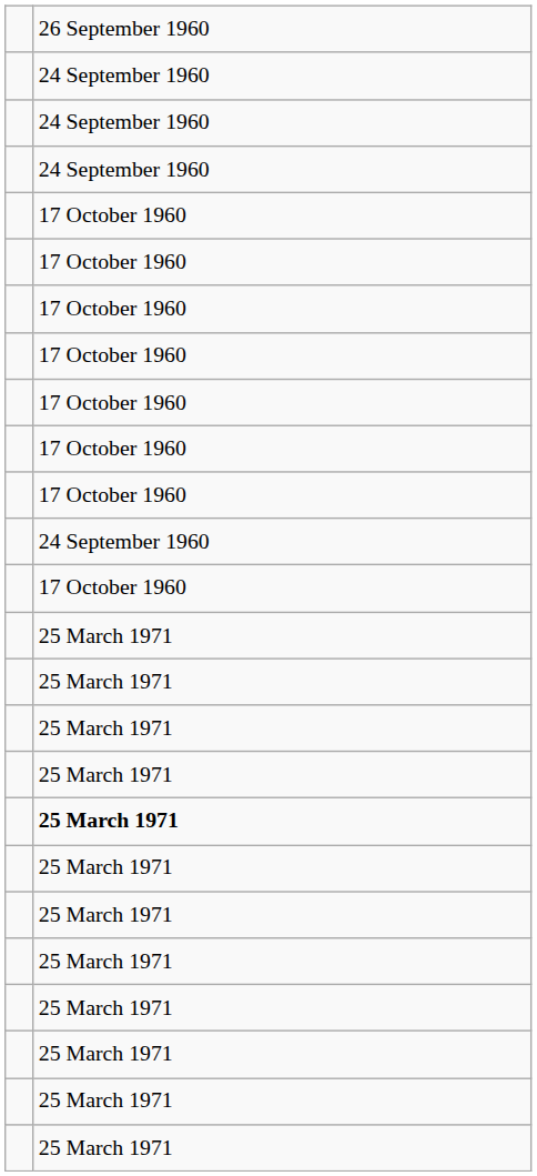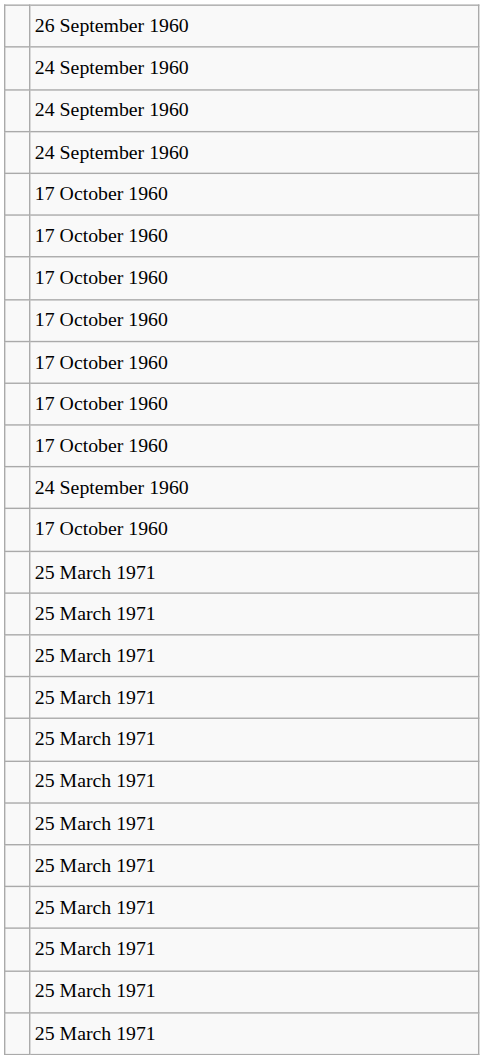 <table class="wikitable" style="font-size: 89%; float: left; width: 24em; margin-right: 1em; line-height: 1.65em">
 <tr>
 <td></td>
 <td>26 September 1960</td>
 </tr>
 <tr>
 <td></td>
 <td>24 September 1960</td>
 </tr>
 <tr>
 <td></td>
 <td>24 September 1960</td>
 </tr>
 <tr>
 <td></td>
 <td>24 September 1960</td>
 </tr>
 <tr>
 <td></td>
 <td>17 October 1960</td>
 </tr>
 <tr>
 <td></td>
 <td>17 October 1960</td>
 </tr>
 <tr>
 <td></td>
 <td>17 October 1960</td>
 </tr>
 <tr>
 <td></td>
 <td>17 October 1960</td>
 </tr>
 <tr>
 <td></td>
 <td>17 October 1960</td>
 </tr>
 <tr>
 <td></td>
 <td>17 October 1960</td>
 </tr>
 <tr>
 <td></td>
 <td>17 October 1960</td>
 </tr>
 <tr>
 <td></td>
 <td>24 September 1960</td>
 </tr>
 <tr>
 <td></td>
 <td>17 October 1960</td>
 </tr>
 <tr>
 <td></td>
 <td>25 March 1971</td>
 </tr>
 <tr>
 <td></td>
 <td>25 March 1971</td>
 </tr>
 <tr>
 <td></td>
 <td>25 March 1971</td>
 </tr>
 <tr>
 <td></td>
 <td>25 March 1971</td>
 </tr>
 <tr>
 <td></td>
-<td><strong>25 March 1971</strong></td>
+<td>25 March 1971</td>
 </tr>
 <tr>
 <td></td>
 <td>25 March 1971</td>
 </tr>
 <tr>
 <td></td>
 <td>25 March 1971</td>
 </tr>
 <tr>
 <td></td>
 <td>25 March 1971</td>
 </tr>
 <tr>
 <td></td>
 <td>25 March 1971</td>
 </tr>
 <tr>
 <td></td>
 <td>25 March 1971</td>
 </tr>
 <tr>
 <td></td>
 <td>25 March 1971</td>
 </tr>
 <tr>
 <td></td>
 <td>25 March 1971</td>
 </tr>
 </table>
